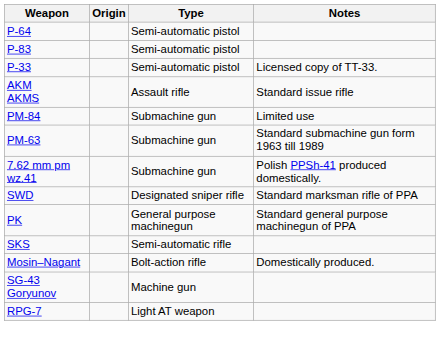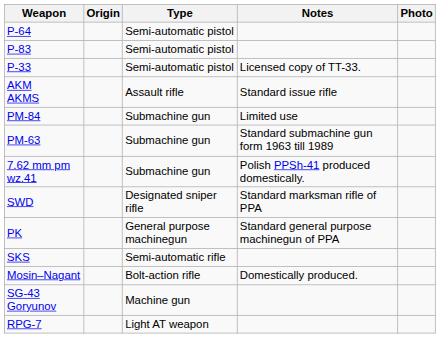 <table class="wikitable">
 <tr>
 <th>Weapon</th>
 <th>Origin</th>
 <th>Type</th>
 <th>Notes</th>
+<th>Photo</th>
 </tr>
 <tr>
 <td><a href='#'>P-64</a></td>
 <td></td>
 <td>Semi-automatic pistol</td>
+<td></td>
 <td></td>
 </tr>
 <tr>
 <td><a href='#'>P-83</a></td>
 <td></td>
 <td>Semi-automatic pistol</td>
 <td></td>
+<td></td>
 </tr>
 <tr>
 <td><a href='#'>P-33</a></td>
 <td></td>
 <td>Semi-automatic pistol</td>
 <td>Licensed copy of TT-33.</td>
+<td></td>
 </tr>
 <tr>
 <td><a href='#'>AKM</a><br><a href='#'>AKMS</a></td>
 <td><br></td>
 <td>Assault rifle</td>
 <td>Standard issue rifle</td>
+<td></td>
 </tr>
 <tr>
 <td><a href='#'>PM-84</a></td>
 <td></td>
 <td>Submachine gun</td>
 <td>Limited use</td>
+<td></td>
 </tr>
 <tr>
 <td><a href='#'>PM-63</a></td>
 <td></td>
 <td>Submachine gun</td>
 <td>Standard submachine gun form 1963 till 1989</td>
+<td></td>
 </tr>
 <tr>
 <td><a href='#'>7.62 mm pm wz.41</a></td>
 <td><br></td>
 <td>Submachine gun</td>
 <td>Polish <a href='#'>PPSh-41</a> produced domestically.</td>
+<td></td>
 </tr>
 <tr>
 <td><a href='#'>SWD</a></td>
 <td></td>
 <td>Designated sniper rifle</td>
 <td>Standard marksman rifle of PPA</td>
+<td></td>
 </tr>
 <tr>
 <td><a href='#'>PK</a></td>
 <td><br></td>
 <td>General purpose machinegun</td>
 <td>Standard general purpose machinegun of PPA</td>
+<td></td>
 </tr>
 <tr>
 <td><a href='#'>SKS</a></td>
 <td></td>
 <td>Semi-automatic rifle</td>
+<td></td>
 <td></td>
 </tr>
 <tr>
 <td><a href='#'>Mosin–Nagant</a></td>
 <td><br> </td>
 <td>Bolt-action rifle</td>
 <td>Domestically produced.</td>
+<td></td>
 </tr>
 <tr>
 <td><a href='#'>SG-43 Goryunov</a></td>
 <td><br></td>
 <td>Machine gun</td>
+<td></td>
 <td></td>
 </tr>
 <tr>
 <td><a href='#'>RPG-7</a></td>
 <td><br></td>
 <td>Light AT weapon</td>
 <td></td>
+<td></td>
 </tr>
 </table>
